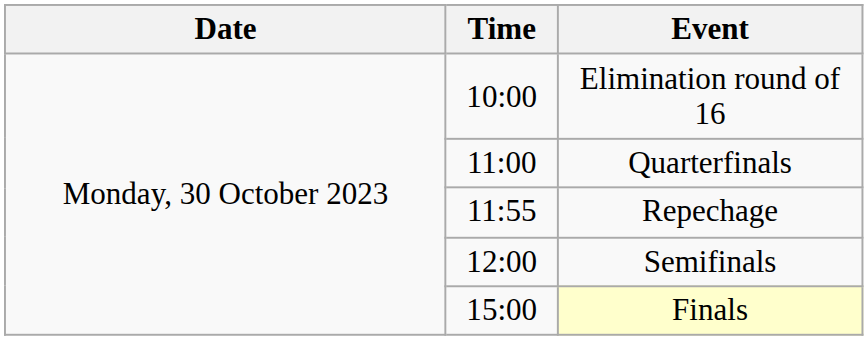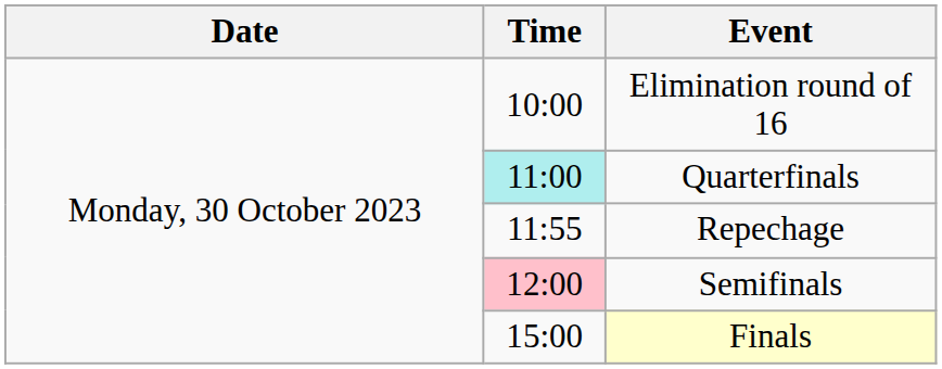 <table class = "wikitable" style="text-align:center;">
 <tr>
 <th width=220>Date</th>
 <th width=50>Time</th>
 <th width=150>Event</th>
 </tr>
 <tr>
 <td rowspan=5>Monday, 30 October 2023</td>
 <td>10:00</td>
 <td>Elimination round of 16</td>
 </tr>
 <tr>
-<td>11:00</td>
+<td style="background: paleturquoise;">11:00</td>
 <td>Quarterfinals</td>
 </tr>
 <tr>
 <td>11:55</td>
 <td>Repechage</td>
 </tr>
 <tr>
-<td>12:00</td>
+<td style="background: pink;">12:00</td>
 <td>Semifinals</td>
 </tr>
 <tr>
 <td>15:00</td>
 <td bgcolor=ffffcc>Finals</td>
 </tr>
 </table>
